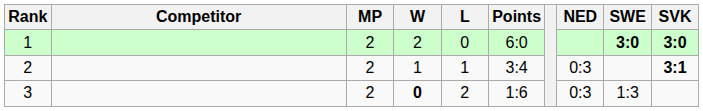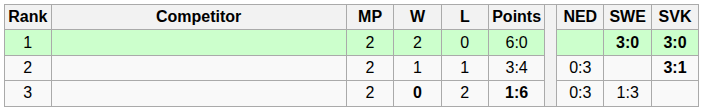 <table class="wikitable" style="text-align:center">
 <tr>
 <th>Rank</th>
 <th style="width:18em">Competitor</th>
 <th style="width:2.5em">MP</th>
 <th style="width:2.5em">W</th>
 <th style="width:2.5em">L</th>
 <th>Points</th>
 <th rowspan="4"> </th>
 <th style="width:2.5em">NED</th>
 <th style="width:2.5em">SWE</th>
 <th style="width:2.5em">SVK</th>
 </tr>
 <tr style="background:#cfc;">
 <td>1</td>
 <td style="text-align:left"></td>
 <td>2</td>
 <td>2</td>
 <td>0</td>
 <td>6:0</td>
 <td></td>
 <td><strong>3:0</strong></td>
 <td><strong>3:0</strong></td>
 </tr>
 <tr>
 <td>2</td>
 <td style="text-align:left"></td>
 <td>2</td>
 <td>1</td>
 <td>1</td>
 <td>3:4</td>
 <td>0:3</td>
 <td></td>
 <td><strong>3:1</strong></td>
 </tr>
 <tr>
 <td>3</td>
 <td style="text-align:left"></td>
 <td>2</td>
 <td><strong>0</strong></td>
 <td>2</td>
-<td>1:6</td>
+<td><strong>1:6</strong></td>
 <td>0:3</td>
 <td>1:3</td>
 <td></td>
 </tr>
 </table>
